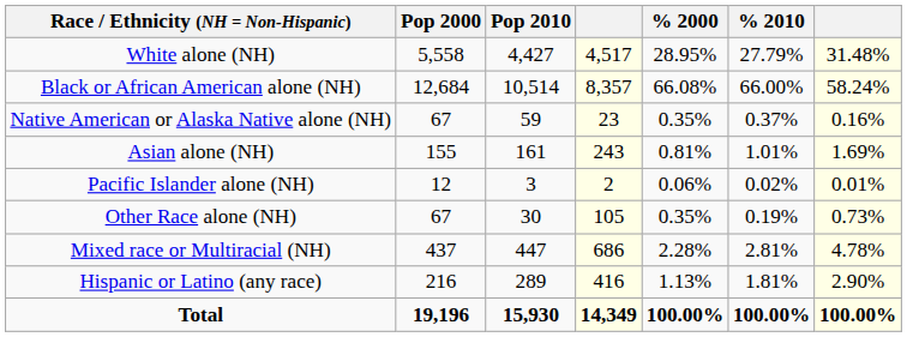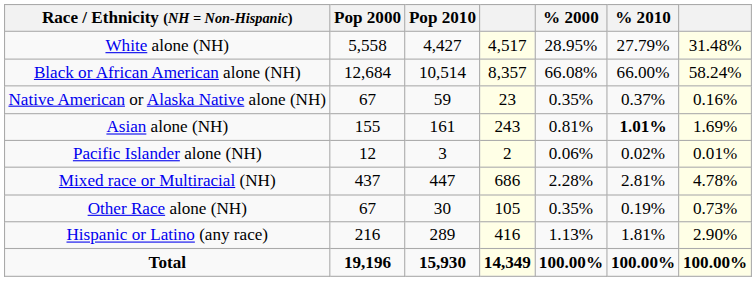 <table class="wikitable" style="text-align:center;">
 <tr>
 <th>Race / Ethnicity <small>(<em>NH = Non-Hispanic</em>)</small></th>
 <th>Pop 2000</th>
 <th>Pop 2010</th>
 <th></th>
 <th>% 2000</th>
 <th>% 2010</th>
 <th></th>
 </tr>
 <tr>
 <td><a href='#'>White</a> alone (NH)</td>
 <td>5,558</td>
 <td>4,427</td>
 <td style='background: #ffffe6;'>4,517</td>
 <td>28.95%</td>
 <td>27.79%</td>
 <td style='background: #ffffe6;'>31.48%</td>
 </tr>
 <tr>
 <td><a href='#'>Black or African American</a> alone (NH)</td>
 <td>12,684</td>
 <td>10,514</td>
 <td style='background: #ffffe6;'>8,357</td>
 <td>66.08%</td>
 <td>66.00%</td>
 <td style='background: #ffffe6;'>58.24%</td>
 </tr>
 <tr>
 <td><a href='#'>Native American</a> or <a href='#'>Alaska Native</a> alone (NH)</td>
 <td>67</td>
 <td>59</td>
 <td style='background: #ffffe6;'>23</td>
 <td>0.35%</td>
 <td>0.37%</td>
 <td style='background: #ffffe6;'>0.16%</td>
 </tr>
 <tr>
 <td><a href='#'>Asian</a> alone (NH)</td>
 <td>155</td>
 <td>161</td>
 <td style='background: #ffffe6;'>243</td>
 <td>0.81%</td>
-<td>1.01%</td>
+<td><strong>1.01%</strong></td>
 <td style='background: #ffffe6;'>1.69%</td>
 </tr>
 <tr>
 <td><a href='#'>Pacific Islander</a> alone (NH)</td>
 <td>12</td>
 <td>3</td>
 <td style='background: #ffffe6;'>2</td>
 <td>0.06%</td>
 <td>0.02%</td>
 <td style='background: #ffffe6;'>0.01%</td>
 </tr>
 <tr>
+<td><a href='#'>Mixed race or Multiracial</a> (NH)</td>
+<td>437</td>
+<td>447</td>
+<td style='background: #ffffe6;'>686</td>
+<td>2.28%</td>
+<td>2.81%</td>
+<td style='background: #ffffe6;'>4.78%</td>
+</tr>
+<tr>
 <td><a href='#'>Other Race</a> alone (NH)</td>
 <td>67</td>
 <td>30</td>
 <td style='background: #ffffe6;'>105</td>
 <td>0.35%</td>
 <td>0.19%</td>
 <td style='background: #ffffe6;'>0.73%</td>
-</tr>
-<tr>
-<td><a href='#'>Mixed race or Multiracial</a> (NH)</td>
-<td>437</td>
-<td>447</td>
-<td style='background: #ffffe6;'>686</td>
-<td>2.28%</td>
-<td>2.81%</td>
-<td style='background: #ffffe6;'>4.78%</td>
 </tr>
 <tr>
 <td><a href='#'>Hispanic or Latino</a> (any race)</td>
 <td>216</td>
 <td>289</td>
 <td style='background: #ffffe6;'>416</td>
 <td>1.13%</td>
 <td>1.81%</td>
 <td style='background: #ffffe6;'>2.90%</td>
 </tr>
 <tr>
 <td><strong>Total</strong></td>
 <td><strong>19,196</strong></td>
 <td><strong>15,930</strong></td>
 <td style='background: #ffffe6;'><strong>14,349</strong></td>
 <td><strong>100.00%</strong></td>
 <td><strong>100.00%</strong></td>
 <td style='background: #ffffe6;'><strong>100.00%</strong></td>
 </tr>
 </table>
